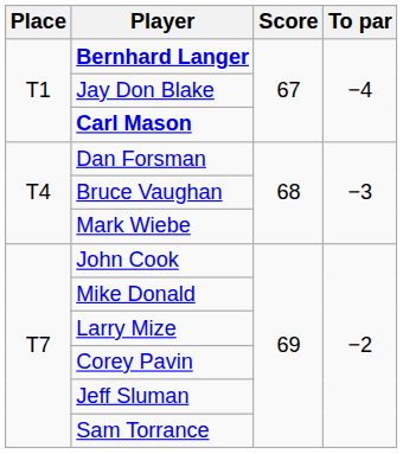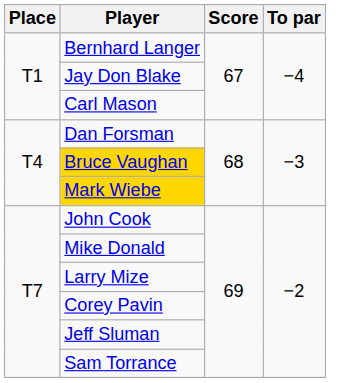 <table class="wikitable">
 <tr>
 <th>Place</th>
 <th>Player</th>
 <th>Score</th>
 <th>To par</th>
 </tr>
 <tr>
 <td rowspan=3 align=center>T1</td>
-<td><strong> <a href='#'>Bernhard Langer</a></strong></td>
+<td> <a href='#'>Bernhard Langer</a></td>
 <td rowspan=3 align=center>67</td>
 <td rowspan=3 align=center>−4</td>
 </tr>
 <tr>
 <td> <a href='#'>Jay Don Blake</a></td>
 </tr>
 <tr>
-<td><strong> <a href='#'>Carl Mason</a></strong></td>
+<td> <a href='#'>Carl Mason</a></td>
 </tr>
 <tr>
 <td rowspan=3 align=center>T4</td>
 <td> <a href='#'>Dan Forsman</a></td>
 <td rowspan=3 align=center>68</td>
 <td rowspan=3 align=center>−3</td>
 </tr>
 <tr>
-<td> <a href='#'>Bruce Vaughan</a></td>
+<td style="background: gold;"> <a href='#'>Bruce Vaughan</a></td>
 </tr>
 <tr>
-<td> <a href='#'>Mark Wiebe</a></td>
+<td style="background: gold;"> <a href='#'>Mark Wiebe</a></td>
 </tr>
 <tr>
 <td rowspan=6 align=center>T7</td>
 <td> <a href='#'>John Cook</a></td>
 <td rowspan=6 align=center>69</td>
 <td rowspan=6 align=center>−2</td>
 </tr>
 <tr>
 <td> <a href='#'>Mike Donald</a></td>
 </tr>
 <tr>
 <td> <a href='#'>Larry Mize</a></td>
 </tr>
 <tr>
 <td> <a href='#'>Corey Pavin</a></td>
 </tr>
 <tr>
 <td> <a href='#'>Jeff Sluman</a></td>
 </tr>
 <tr>
 <td> <a href='#'>Sam Torrance</a></td>
 </tr>
 </table>
